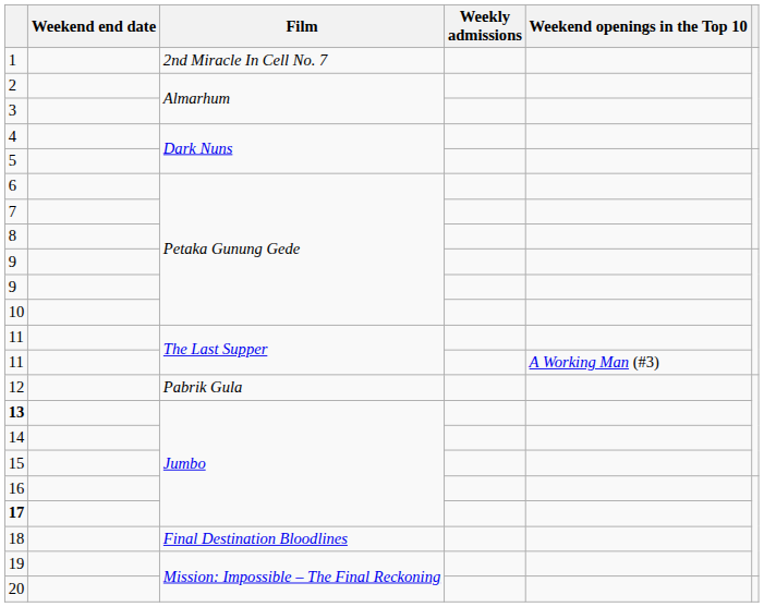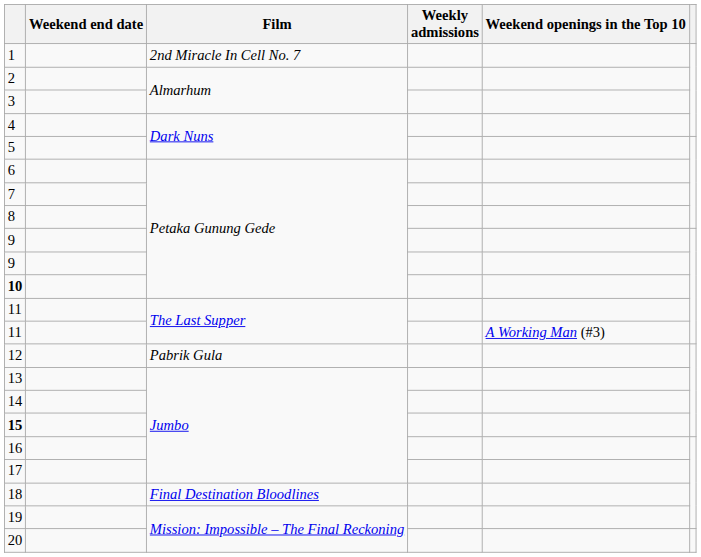 <table class="wikitable sortable">
 <tr>
 <th></th>
 <th>Weekend end date</th>
 <th>Film</th>
 <th>Weekly<br>admissions</th>
 <th>Weekend openings in the Top 10</th>
 <th class="unsortable"></th>
 </tr>
 <tr>
 <td>1</td>
 <td></td>
 <td><em>2nd Miracle In Cell No. 7</em></td>
 <td></td>
 <td></td>
 <td rowspan="4"></td>
 </tr>
 <tr>
 <td>2</td>
 <td></td>
 <td rowspan="2"><em>Almarhum</em></td>
 <td></td>
 <td></td>
 </tr>
 <tr>
 <td>3</td>
 <td></td>
 <td></td>
 <td></td>
 </tr>
 <tr>
 <td>4</td>
 <td></td>
 <td rowspan="2"><em><a href='#'>Dark Nuns</a></em></td>
 <td></td>
 <td></td>
 </tr>
 <tr>
 <td>5</td>
 <td></td>
 <td></td>
 <td></td>
 <td rowspan="4"></td>
 </tr>
 <tr>
 <td>6</td>
 <td></td>
 <td rowspan="6"><em>Petaka Gunung Gede</em></td>
 <td></td>
 <td></td>
 </tr>
 <tr>
 <td>7</td>
 <td></td>
 <td></td>
 <td></td>
 </tr>
 <tr>
 <td>8</td>
 <td></td>
 <td></td>
 <td></td>
 </tr>
 <tr>
 <td>9</td>
 <td></td>
 <td></td>
 <td></td>
 <td rowspan="5"></td>
 </tr>
 <tr>
 <td>9</td>
 <td></td>
 <td></td>
 <td></td>
 </tr>
 <tr>
-<td>10</td>
+<td><strong>10</strong></td>
 <td></td>
 <td></td>
 <td></td>
 </tr>
 <tr>
 <td>11</td>
 <td></td>
 <td rowspan="2"><em><a href='#'>The Last Supper</a></em></td>
 <td></td>
 <td></td>
 </tr>
 <tr>
 <td>11</td>
 <td></td>
 <td></td>
 <td><em><a href='#'>A Working Man</a></em> (#3)</td>
 </tr>
 <tr>
 <td>12</td>
 <td></td>
 <td><em>Pabrik Gula</em></td>
 <td></td>
 <td></td>
 <td rowspan="4"></td>
 </tr>
 <tr>
-<td><strong>13</strong></td>
+<td>13</td>
 <td></td>
 <td rowspan="5"><em><a href='#'>Jumbo</a></em></td>
 <td></td>
 <td></td>
 </tr>
 <tr>
 <td>14</td>
 <td></td>
 <td></td>
 <td></td>
 </tr>
 <tr>
-<td>15</td>
+<td><strong>15</strong></td>
 <td></td>
 <td></td>
 <td></td>
 </tr>
 <tr>
 <td>16</td>
 <td></td>
 <td></td>
 <td></td>
 <td rowspan="4"></td>
 </tr>
 <tr>
-<td><strong>17</strong></td>
+<td>17</td>
 <td></td>
 <td></td>
 <td></td>
 </tr>
 <tr>
 <td>18</td>
 <td></td>
 <td><em><a href='#'>Final Destination Bloodlines</a></em></td>
 <td></td>
 <td></td>
 </tr>
 <tr>
 <td>19</td>
 <td></td>
 <td rowspan="2"><em><a href='#'>Mission: Impossible – The Final Reckoning</a></em></td>
 <td></td>
 <td></td>
 </tr>
 <tr>
 <td>20</td>
 <td></td>
 <td></td>
 <td></td>
 <td rowspan="5"></td>
 </tr>
 </table>
